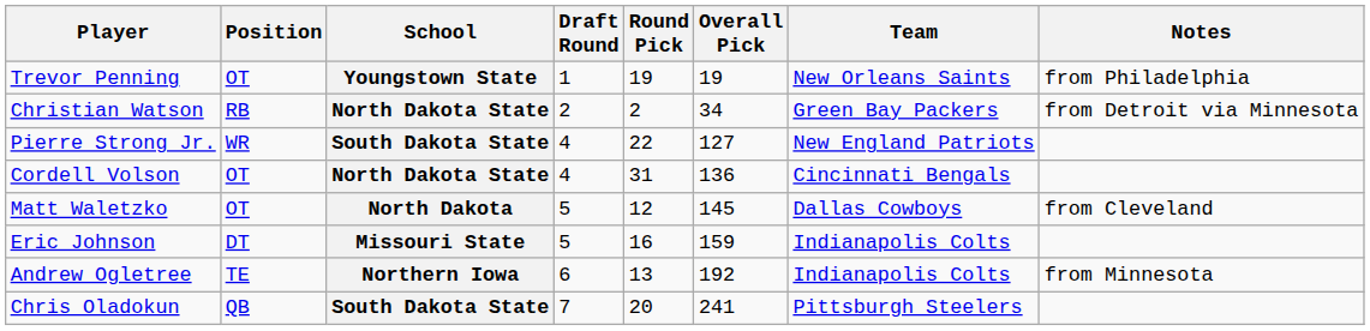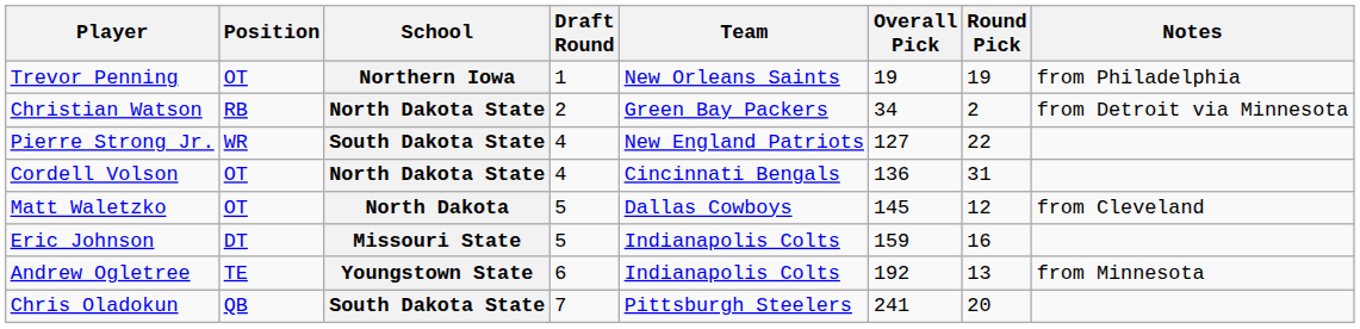 <table class="wikitable sortable" border="1">
 <tr>
 <th>Player</th>
 <th>Position</th>
 <th>School</th>
 <th>Draft<br>Round</th>
+<th>Team</th>
+<th>Overall<br>Pick</th>
 <th>Round<br>Pick</th>
-<th>Overall<br>Pick</th>
-<th>Team</th>
 <th>Notes</th>
 </tr>
 <tr>
 <td><a href='#'>Trevor Penning</a></td>
 <td><a href='#'>OT</a></td>
-<th>Youngstown State</th>
+<th>Northern Iowa</th>
 <td>1</td>
+<td><a href='#'>New Orleans Saints</a></td>
 <td>19</td>
 <td>19</td>
-<td><a href='#'>New Orleans Saints</a></td>
 <td>from Philadelphia</td>
 </tr>
 <tr>
 <td><a href='#'>Christian Watson</a></td>
 <td><a href='#'>RB</a></td>
 <th>North Dakota State</th>
 <td>2</td>
+<td><a href='#'>Green Bay Packers</a></td>
+<td>34</td>
 <td>2</td>
-<td>34</td>
-<td><a href='#'>Green Bay Packers</a></td>
 <td>from Detroit via Minnesota</td>
 </tr>
 <tr>
 <td><a href='#'>Pierre Strong Jr.</a></td>
 <td><a href='#'>WR</a></td>
 <th>South Dakota State</th>
 <td>4</td>
+<td><a href='#'>New England Patriots</a></td>
+<td>127</td>
 <td>22</td>
-<td>127</td>
-<td><a href='#'>New England Patriots</a></td>
 <td></td>
 </tr>
 <tr>
 <td><a href='#'>Cordell Volson</a></td>
 <td><a href='#'>OT</a></td>
 <th>North Dakota State</th>
 <td>4</td>
+<td><a href='#'>Cincinnati Bengals</a></td>
+<td>136</td>
 <td>31</td>
-<td>136</td>
-<td><a href='#'>Cincinnati Bengals</a></td>
 <td></td>
 </tr>
 <tr>
 <td><a href='#'>Matt Waletzko</a></td>
 <td><a href='#'>OT</a></td>
 <th>North Dakota</th>
 <td>5</td>
+<td><a href='#'>Dallas Cowboys</a></td>
+<td>145</td>
 <td>12</td>
-<td>145</td>
-<td><a href='#'>Dallas Cowboys</a></td>
 <td>from Cleveland</td>
 </tr>
 <tr>
 <td><a href='#'>Eric Johnson</a></td>
 <td><a href='#'>DT</a></td>
 <th>Missouri State</th>
 <td>5</td>
+<td><a href='#'>Indianapolis Colts</a></td>
+<td>159</td>
 <td>16</td>
-<td>159</td>
-<td><a href='#'>Indianapolis Colts</a></td>
 <td></td>
 </tr>
 <tr>
 <td><a href='#'>Andrew Ogletree</a></td>
 <td><a href='#'>TE</a></td>
-<th>Northern Iowa</th>
+<th>Youngstown State</th>
 <td>6</td>
+<td><a href='#'>Indianapolis Colts</a></td>
+<td>192</td>
 <td>13</td>
-<td>192</td>
-<td><a href='#'>Indianapolis Colts</a></td>
 <td>from Minnesota</td>
 </tr>
 <tr>
 <td><a href='#'>Chris Oladokun</a></td>
 <td><a href='#'>QB</a></td>
 <th>South Dakota State</th>
 <td>7</td>
+<td><a href='#'>Pittsburgh Steelers</a></td>
+<td>241</td>
 <td>20</td>
-<td>241</td>
-<td><a href='#'>Pittsburgh Steelers</a></td>
 <td></td>
 </tr>
 </table>
